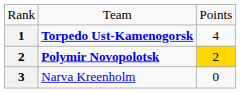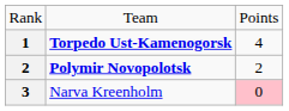 <table class="wikitable" style="text-align: center;">
 <tr>
 <td>Rank</td>
 <td>Team</td>
 <td>Points</td>
 </tr>
 <tr>
 <th>1</th>
 <td style="text-align: left;"> <strong><a href='#'>Torpedo Ust-Kamenogorsk</a></strong></td>
 <td>4</td>
 </tr>
 <tr>
 <th>2</th>
 <td style="text-align: left;"> <strong><a href='#'>Polymir Novopolotsk</a></strong></td>
-<td style="background: gold;">2</td>
+<td>2</td>
 </tr>
 <tr>
 <th>3</th>
 <td style="text-align: left;"> <a href='#'>Narva Kreenholm</a></td>
-<td>0</td>
+<td style="background: pink;">0</td>
 </tr>
 </table>
